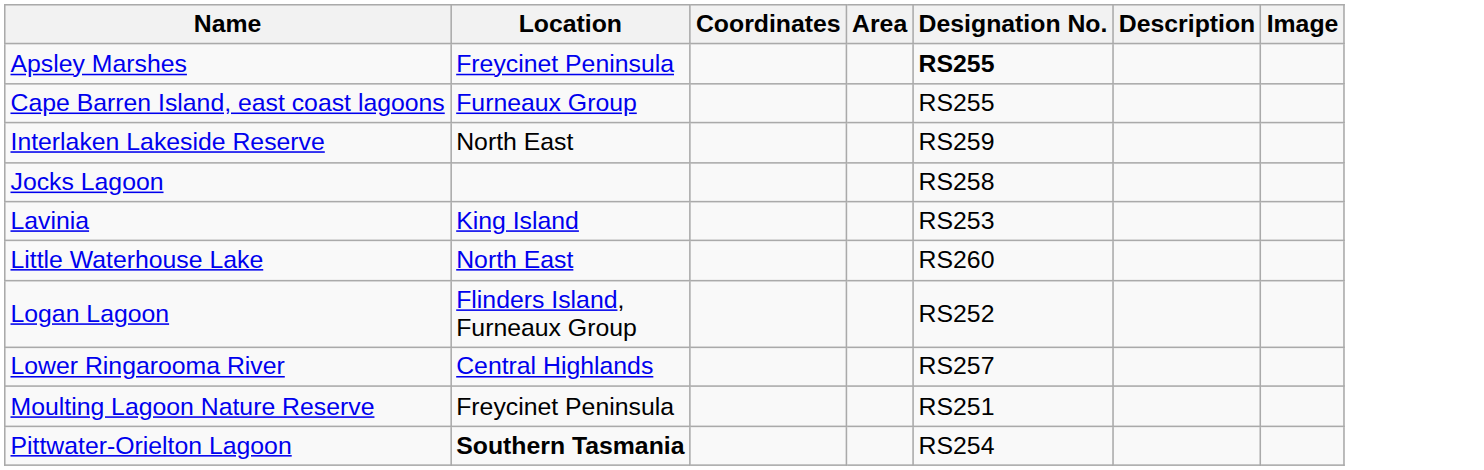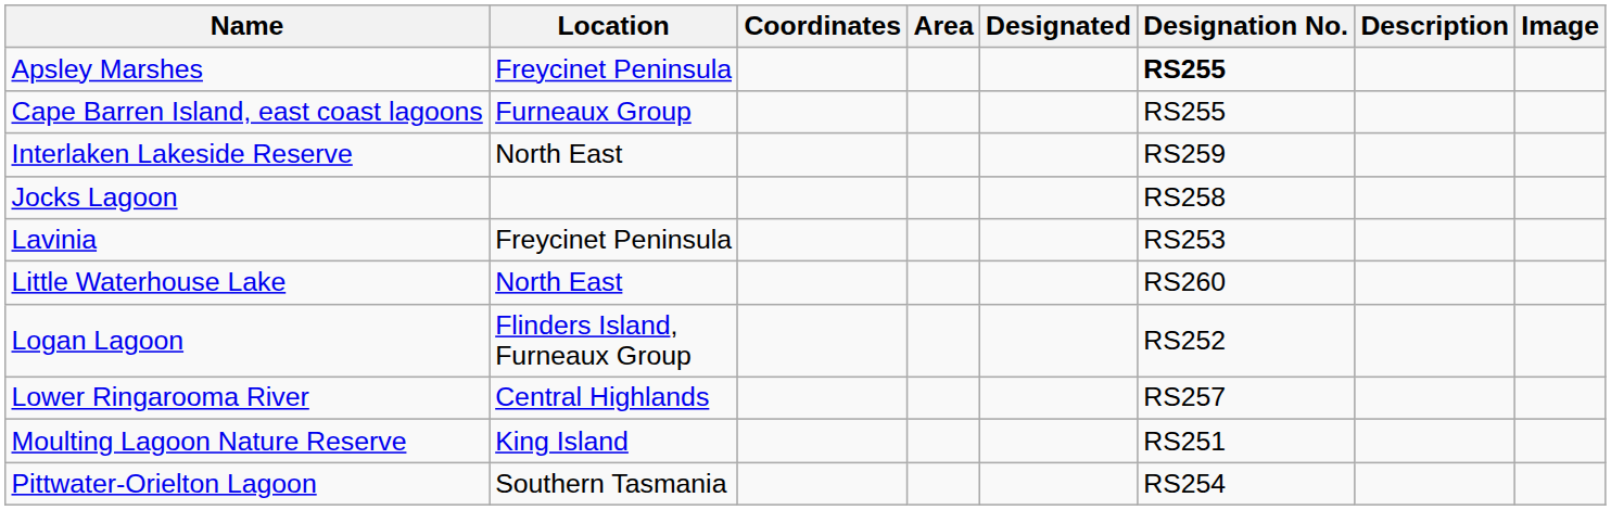 <table class="wikitable sortable">
 <tr>
 <th style="background-color:">Name</th>
 <th style="background-color:">Location</th>
 <th style="background-color:">Coordinates</th>
 <th style="background-color:">Area</th>
+<th style="background-color:">Designated</th>
 <th style="background-color:">Designation No.</th>
 <th style="background-color:">Description</th>
 <th style="background-color:">Image</th>
 </tr>
 <tr>
 <td><a href='#'>Apsley Marshes</a></td>
 <td><a href='#'>Freycinet Peninsula</a></td>
+<td></td>
 <td></td>
 <td></td>
 <td><strong>RS255</strong></td>
 <td></td>
 <td></td>
 </tr>
 <tr>
 <td><a href='#'>Cape Barren Island, east coast lagoons</a></td>
 <td><a href='#'>Furneaux Group</a></td>
 <td></td>
 <td></td>
+<td></td>
 <td>RS255</td>
 <td></td>
 <td></td>
 </tr>
 <tr>
 <td><a href='#'>Interlaken Lakeside Reserve</a></td>
 <td>North East</td>
+<td></td>
 <td></td>
 <td></td>
 <td>RS259</td>
 <td></td>
 <td></td>
 </tr>
 <tr>
 <td><a href='#'>Jocks Lagoon</a></td>
 <td></td>
 <td></td>
 <td></td>
+<td></td>
 <td>RS258</td>
 <td></td>
 <td></td>
 </tr>
 <tr>
 <td><a href='#'>Lavinia</a></td>
-<td><a href='#'>King Island</a></td>
+<td>Freycinet Peninsula</td>
+<td></td>
 <td></td>
 <td></td>
 <td>RS253</td>
 <td></td>
 <td></td>
 </tr>
 <tr>
 <td><a href='#'>Little Waterhouse Lake</a></td>
 <td><a href='#'>North East</a></td>
 <td></td>
 <td></td>
+<td></td>
 <td>RS260</td>
 <td></td>
 <td></td>
 </tr>
 <tr>
 <td><a href='#'>Logan Lagoon</a></td>
 <td><a href='#'>Flinders Island</a>,<br>Furneaux Group</td>
+<td></td>
 <td></td>
 <td></td>
 <td>RS252</td>
 <td></td>
 <td></td>
 </tr>
 <tr>
 <td><a href='#'>Lower Ringarooma River</a></td>
 <td><a href='#'>Central Highlands</a></td>
 <td></td>
 <td></td>
+<td></td>
 <td>RS257</td>
 <td></td>
 <td></td>
 </tr>
 <tr>
 <td><a href='#'>Moulting Lagoon Nature Reserve</a></td>
-<td>Freycinet Peninsula</td>
+<td><a href='#'>King Island</a></td>
+<td></td>
 <td></td>
 <td></td>
 <td>RS251</td>
 <td></td>
 <td></td>
 </tr>
 <tr>
 <td><a href='#'>Pittwater-Orielton Lagoon</a></td>
-<td><strong>Southern Tasmania</strong></td>
+<td>Southern Tasmania</td>
+<td></td>
 <td></td>
 <td></td>
 <td>RS254</td>
 <td></td>
 <td></td>
 </tr>
 </table>
